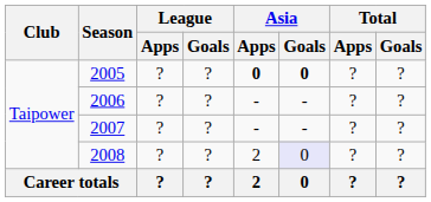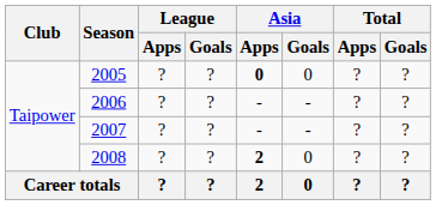 <table class="wikitable" style="text-align: center;">
 <tr>
 <th rowspan="2">Club</th>
 <th rowspan="2">Season</th>
 <th colspan="2">League</th>
 <th colspan="2"><a href='#'>Asia</a></th>
 <th colspan="2">Total</th>
 </tr>
 <tr>
 <th>Apps</th>
 <th>Goals</th>
 <th>Apps</th>
 <th>Goals</th>
 <th>Apps</th>
 <th>Goals</th>
 </tr>
 <tr>
 <td style="text-align: left;" rowspan="4"><a href='#'>Taipower</a></td>
 <td><a href='#'>2005</a></td>
 <td>?</td>
 <td>?</td>
 <td><strong>0</strong></td>
-<td><strong>0</strong></td>
+<td>0</td>
 <td>?</td>
 <td>?</td>
 </tr>
 <tr>
 <td><a href='#'>2006</a></td>
 <td>?</td>
 <td>?</td>
 <td>-</td>
 <td>-</td>
 <td>?</td>
 <td>?</td>
 </tr>
 <tr>
 <td><a href='#'>2007</a></td>
 <td>?</td>
 <td>?</td>
 <td>-</td>
 <td>-</td>
 <td>?</td>
 <td>?</td>
 </tr>
 <tr>
 <td><a href='#'>2008</a></td>
 <td>?</td>
 <td>?</td>
-<td>2</td>
-<td style="background: lavender;">0</td>
+<td><strong>2</strong></td>
+<td>0</td>
 <td>?</td>
 <td>?</td>
 </tr>
 <tr>
 <th colspan="2">Career totals</th>
 <th>?</th>
 <th>?</th>
 <th>2</th>
 <th>0</th>
 <th>?</th>
 <th>?</th>
 </tr>
 </table>
